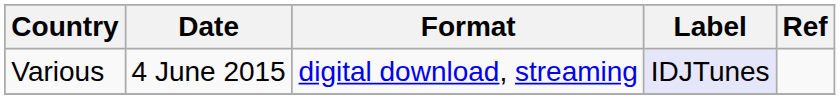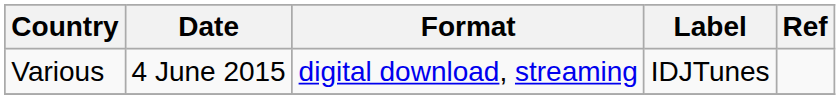 <table class="wikitable plainrowheaders">
 <tr>
 <th scope="col">Country</th>
 <th scope="col">Date</th>
 <th scope="col">Format</th>
 <th scope="col">Label</th>
 <th scope="col">Ref</th>
 </tr>
 <tr>
 <td>Various</td>
 <td>4 June 2015</td>
 <td><a href='#'>digital download</a>, <a href='#'>streaming</a></td>
-<td style="background: lavender;">IDJTunes</td>
+<td>IDJTunes</td>
 <td></td>
 </tr>
 <tr>
 </tr>
 </table>
